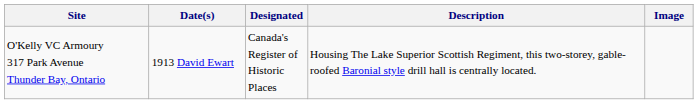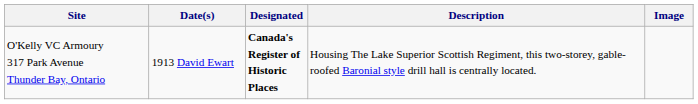 <table class="wikitable sortable" style="font-size:90%;width:100%;border:0px;text-align:left;line-height:150%;">
 <tr>
 <th style="background: #f2f2f2; color: #000080" width="21%">Site</th>
 <th style="background: #f2f2f2; color: #000080" width="14%">Date(s)</th>
 <th style="background: #f2f2f2; color: #000080" width="9%">Designated</th>
 <th style="background: #f2f2f2; color: #000080" width="49%" class="unsortable">Description</th>
 <th style="background: #f2f2f2; color: #000080" width="7%" class="unsortable">Image</th>
 </tr>
 <tr>
 <td>O'Kelly VC Armoury<br>317 Park Avenue <br><a href='#'>Thunder Bay, Ontario</a></td>
 <td>1913 <a href='#'>David Ewart</a></td>
-<td>Canada's Register of Historic Places</td>
+<td><strong>Canada's Register of Historic Places</strong></td>
 <td>Housing The Lake Superior Scottish Regiment, this two-storey, gable-roofed <a href='#'>Baronial style</a> drill hall is centrally located.</td>
 <td></td>
 </tr>
 <tr>
 </tr>
 </table>
